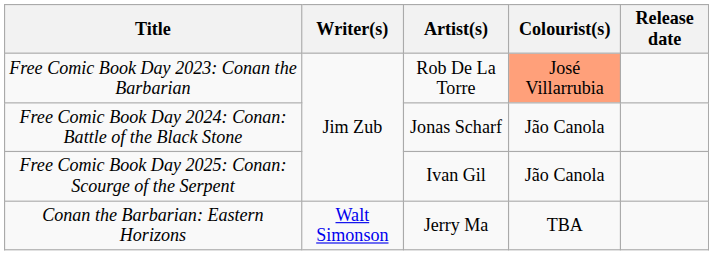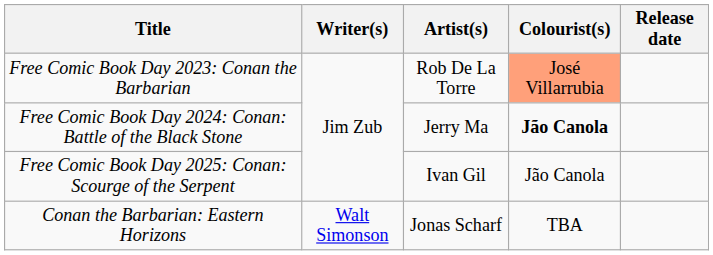 <table class="wikitable" width="100%" style="text-align: center;">
 <tr>
 <th scope="col">Title</th>
 <th scope="col">Writer(s)</th>
 <th scope="col">Artist(s)</th>
 <th scope="col">Colourist(s)</th>
 <th scope="col">Release date</th>
 </tr>
 <tr>
 <td><em>Free Comic Book Day 2023: Conan the Barbarian</em></td>
 <td rowspan=3>Jim Zub</td>
 <td>Rob De La Torre</td>
 <td style="background: lightsalmon;">José Villarrubia</td>
 <td></td>
 </tr>
 <tr>
 <td><em>Free Comic Book Day 2024: Conan: Battle of the Black Stone</em></td>
-<td>Jonas Scharf</td>
-<td>Jão Canola</td>
+<td>Jerry Ma</td>
+<td><strong>Jão Canola</strong></td>
 <td></td>
 </tr>
 <tr>
 <td><em>Free Comic Book Day 2025: Conan: Scourge of the Serpent</em></td>
 <td>Ivan Gil</td>
 <td>Jão Canola</td>
 <td></td>
 </tr>
 <tr>
 <td><em>Conan the Barbarian: Eastern Horizons</em></td>
 <td><a href='#'>Walt Simonson</a></td>
-<td>Jerry Ma</td>
+<td>Jonas Scharf</td>
 <td>TBA</td>
 <td></td>
 </tr>
 </table>
